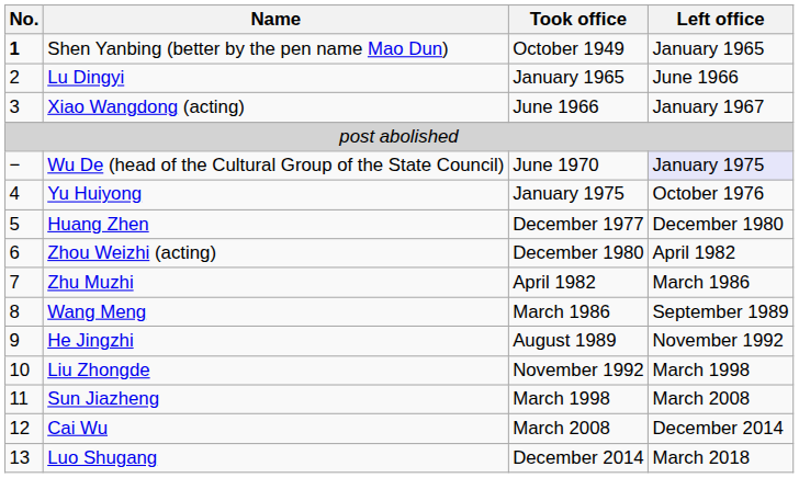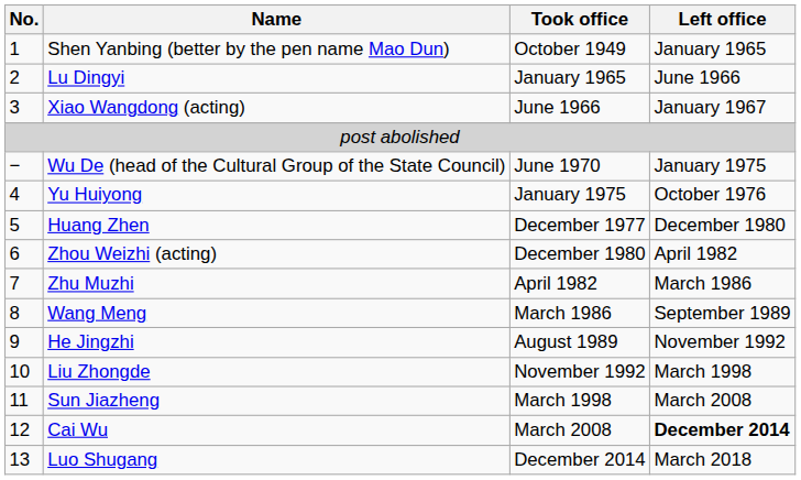 <table class="wikitable">
 <tr>
 <th>No.</th>
 <th>Name</th>
 <th>Took office</th>
 <th>Left office</th>
 </tr>
 <tr>
-<td><strong>1</strong></td>
+<td>1</td>
 <td>Shen Yanbing (better by the pen name <a href='#'>Mao Dun</a>)</td>
 <td>October 1949</td>
 <td>January 1965</td>
 </tr>
 <tr>
 <td>2</td>
 <td><a href='#'>Lu Dingyi</a></td>
 <td>January 1965</td>
 <td>June 1966</td>
 </tr>
 <tr>
 <td>3</td>
 <td><a href='#'>Xiao Wangdong</a> (acting)</td>
 <td>June 1966</td>
 <td>January 1967</td>
 </tr>
 <tr>
 <td colspan="4" bgcolor="lightgrey" align="center"><em>post abolished</em></td>
 </tr>
 <tr>
 <td>−</td>
 <td><a href='#'>Wu De</a> (head of the Cultural Group of the State Council)</td>
 <td>June 1970</td>
-<td style="background: lavender;">January 1975</td>
+<td>January 1975</td>
 </tr>
 <tr>
 <td>4</td>
 <td><a href='#'>Yu Huiyong</a></td>
 <td>January 1975</td>
 <td>October 1976</td>
 </tr>
 <tr>
 <td>5</td>
 <td><a href='#'>Huang Zhen</a></td>
 <td>December 1977</td>
 <td>December 1980</td>
 </tr>
 <tr>
 <td>6</td>
 <td><a href='#'>Zhou Weizhi</a> (acting)</td>
 <td>December 1980</td>
 <td>April 1982</td>
 </tr>
 <tr>
 <td>7</td>
 <td><a href='#'>Zhu Muzhi</a></td>
 <td>April 1982</td>
 <td>March 1986</td>
 </tr>
 <tr>
 <td>8</td>
 <td><a href='#'>Wang Meng</a></td>
 <td>March 1986</td>
 <td>September 1989</td>
 </tr>
 <tr>
 <td>9</td>
 <td><a href='#'>He Jingzhi</a></td>
 <td>August 1989</td>
 <td>November 1992</td>
 </tr>
 <tr>
 <td>10</td>
 <td><a href='#'>Liu Zhongde</a></td>
 <td>November 1992</td>
 <td>March 1998</td>
 </tr>
 <tr>
 <td>11</td>
 <td><a href='#'>Sun Jiazheng</a></td>
 <td>March 1998</td>
 <td>March 2008</td>
 </tr>
 <tr>
 <td>12</td>
 <td><a href='#'>Cai Wu</a></td>
 <td>March 2008</td>
-<td>December 2014</td>
+<td><strong>December 2014</strong></td>
 </tr>
 <tr>
 <td>13</td>
 <td><a href='#'>Luo Shugang</a></td>
 <td>December 2014</td>
 <td>March 2018</td>
 </tr>
 </table>
